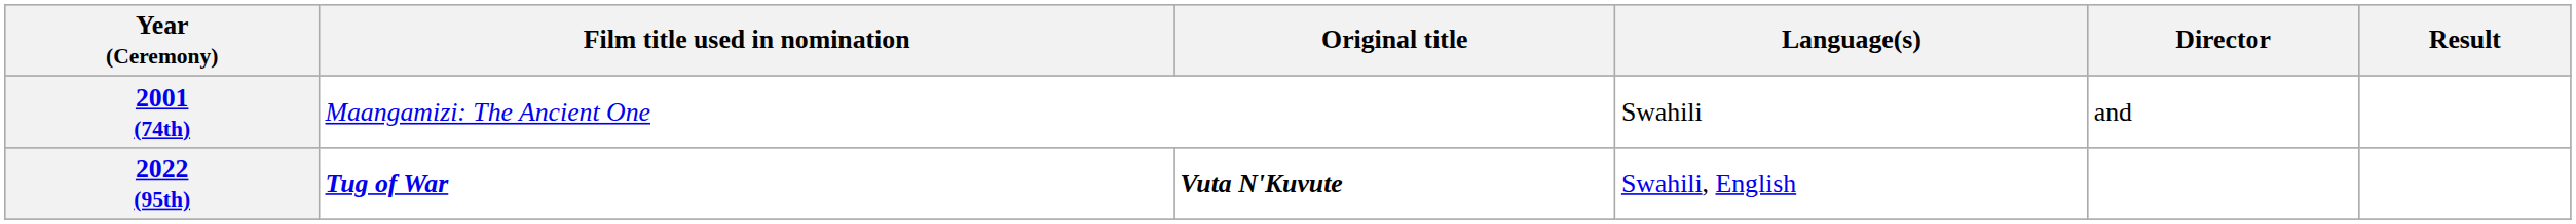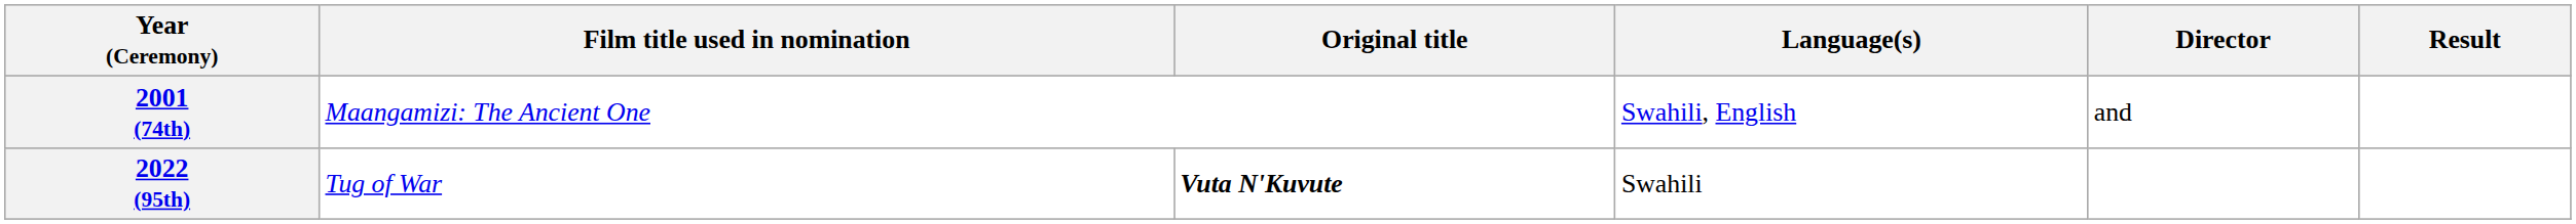 <table class="wikitable sortable" width="98%" style="background:#ffffff;">
 <tr>
 <th>Year<br><small>(Ceremony)</small></th>
 <th>Film title used in nomination</th>
 <th>Original title</th>
 <th>Language(s)</th>
 <th>Director</th>
 <th>Result</th>
 </tr>
 <tr>
 <th align="center"><a href='#'>2001</a><br><small><a href='#'>(74th)</a></small></th>
 <td colspan="2"><em><a href='#'>Maangamizi: The Ancient One</a></em></td>
-<td>Swahili</td>
+<td><a href='#'>Swahili</a>, <a href='#'>English</a></td>
 <td> and </td>
 <td></td>
 </tr>
 <tr>
 <th align="center"><a href='#'>2022</a><br><small><a href='#'>(95th)</a></small></th>
-<td><strong><em><a href='#'>Tug of War</a></em></strong></td>
+<td><em><a href='#'>Tug of War</a></em></td>
 <td><strong><em>Vuta N'Kuvute</em></strong></td>
-<td><a href='#'>Swahili</a>, <a href='#'>English</a></td>
+<td>Swahili</td>
 <td></td>
 <td></td>
 </tr>
 </table>
